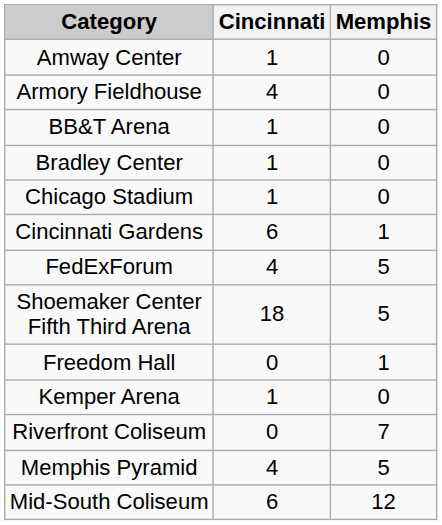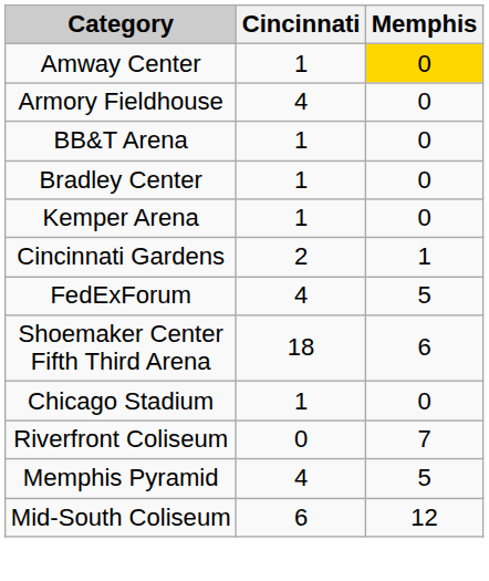 <table class="wikitable">
 <tr>
 <th style="background:#CCCCCC; text-align:center"><strong>Category</strong></th>
 <th><strong>Cincinnati</strong></th>
 <th><strong>Memphis</strong></th>
 </tr>
 <tr>
 <td align=center>Amway Center</td>
 <td align=center>1</td>
-<td align=center>0</td>
+<td align=center style="background: gold;">0</td>
 </tr>
 <tr>
 <td align=center>Armory Fieldhouse</td>
 <td align=center>4</td>
 <td align=center>0</td>
 </tr>
 <tr>
 <td align=center>BB&T Arena</td>
 <td align=center>1</td>
 <td align=center>0</td>
 </tr>
 <tr>
 <td align=center>Bradley Center</td>
 <td align=center>1</td>
 <td align=center>0</td>
 </tr>
 <tr>
-<td align=center>Chicago Stadium</td>
+<td align=center>Kemper Arena</td>
 <td align=center>1</td>
 <td align=center>0</td>
 </tr>
 <tr>
 <td align=center>Cincinnati Gardens</td>
-<td align=center>6</td>
+<td align=center>2</td>
 <td align=center>1</td>
 </tr>
 <tr>
 <td align=center>FedExForum</td>
 <td align=center>4</td>
 <td align=center>5</td>
 </tr>
 <tr>
 <td align=center>Shoemaker Center<br>Fifth Third Arena</td>
 <td align=center>18</td>
-<td align=center>5</td>
+<td align=center>6</td>
 </tr>
 <tr>
-<td align=center>Freedom Hall</td>
-<td align=center>0</td>
-<td align=center>1</td>
-</tr>
-<tr>
-<td align=center>Kemper Arena</td>
+<td align=center>Chicago Stadium</td>
 <td align=center>1</td>
 <td align=center>0</td>
 </tr>
 <tr>
 <td align=center>Riverfront Coliseum</td>
 <td align=center>0</td>
 <td align=center>7</td>
 </tr>
 <tr>
 <td align=center>Memphis Pyramid</td>
 <td align=center>4</td>
 <td align=center>5</td>
 </tr>
 <tr>
 <td align=center>Mid-South Coliseum</td>
 <td align=center>6</td>
 <td align=center>12</td>
 </tr>
 </table>
